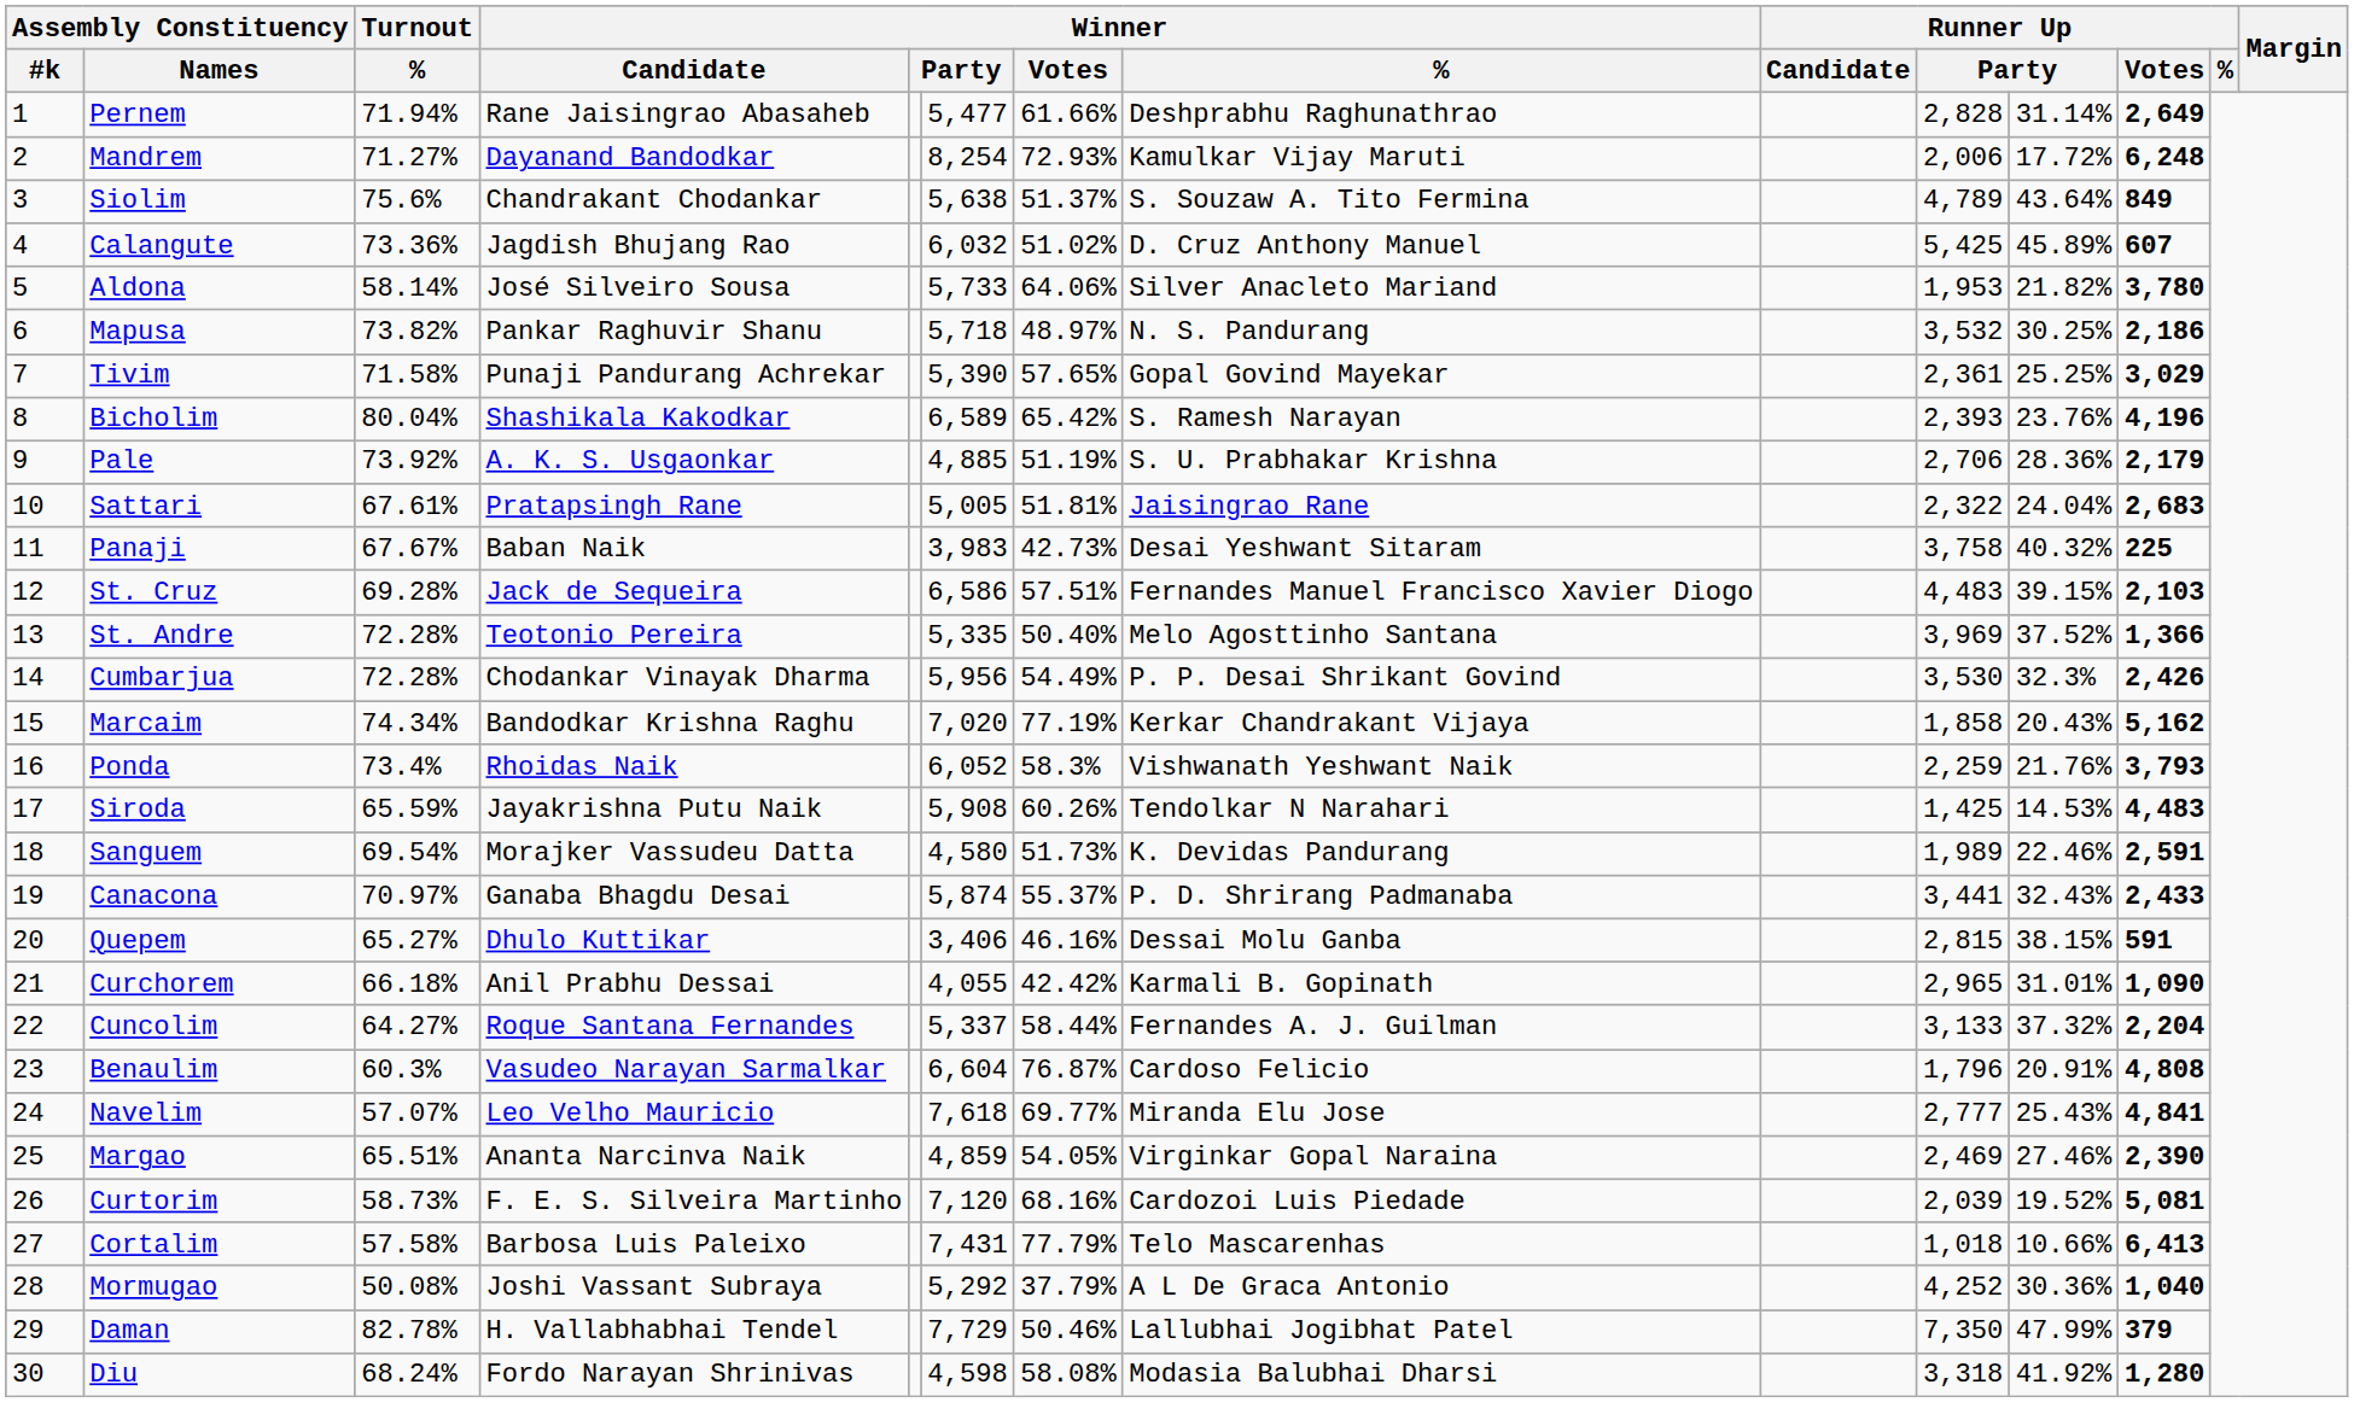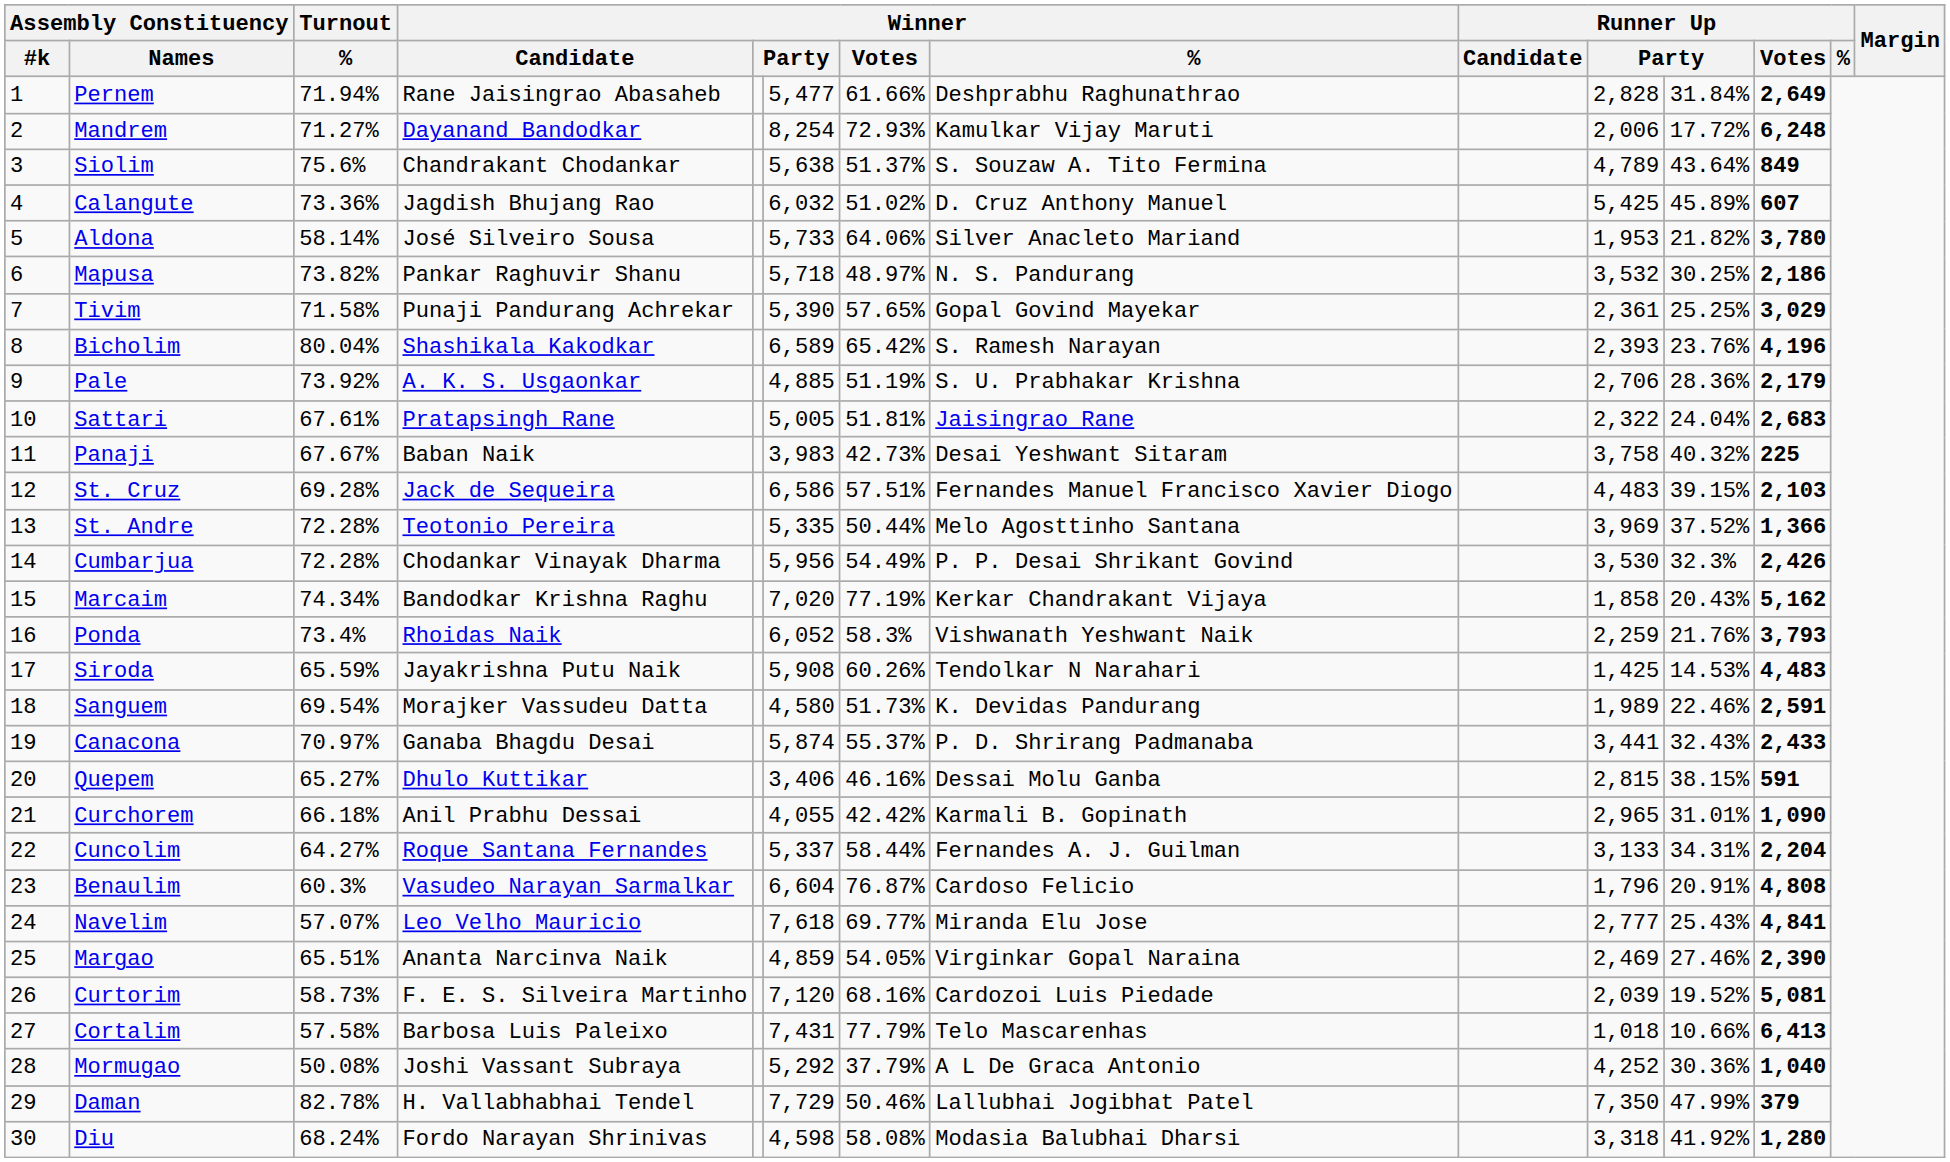 <table class="wikitable sortable">
 <tr>
 <th colspan="2">Assembly Constituency</th>
 <th>Turnout</th>
 <th colspan="5">Winner</th>
 <th colspan="5">Runner Up</th>
 <th rowspan="2" data-sort-type=number>Margin</th>
 </tr>
 <tr>
 <th>#k</th>
 <th>Names</th>
 <th>%</th>
 <th>Candidate</th>
 <th colspan="2">Party</th>
 <th data-sort-type=number>Votes</th>
 <th>%</th>
 <th>Candidate</th>
 <th colspan="2">Party</th>
 <th data-sort-type=number>Votes</th>
 <th>%</th>
 </tr>
 <tr>
 <td>1</td>
 <td><a href='#'>Pernem</a></td>
 <td>71.94%</td>
 <td>Rane Jaisingrao Abasaheb</td>
 <td></td>
 <td>5,477</td>
 <td>61.66%</td>
 <td>Deshprabhu Raghunathrao</td>
 <td></td>
 <td>2,828</td>
-<td>31.14%</td>
+<td>31.84%</td>
 <td style="background:"><span><strong>2,649</strong></span></td>
 </tr>
 <tr>
 <td>2</td>
 <td><a href='#'>Mandrem</a></td>
 <td>71.27%</td>
 <td><a href='#'>Dayanand Bandodkar</a></td>
 <td></td>
 <td>8,254</td>
 <td>72.93%</td>
 <td>Kamulkar Vijay Maruti</td>
 <td></td>
 <td>2,006</td>
 <td>17.72%</td>
 <td style="background:"><span><strong>6,248</strong></span></td>
 </tr>
 <tr>
 <td>3</td>
 <td><a href='#'>Siolim</a></td>
 <td>75.6%</td>
 <td>Chandrakant Chodankar</td>
 <td></td>
 <td>5,638</td>
 <td>51.37%</td>
 <td>S. Souzaw A. Tito Fermina</td>
 <td></td>
 <td>4,789</td>
 <td>43.64%</td>
 <td style="background:"><span><strong>849</strong></span></td>
 </tr>
 <tr>
 <td>4</td>
 <td><a href='#'>Calangute</a></td>
 <td>73.36%</td>
 <td>Jagdish Bhujang Rao</td>
 <td></td>
 <td>6,032</td>
 <td>51.02%</td>
 <td>D. Cruz Anthony Manuel</td>
 <td></td>
 <td>5,425</td>
 <td>45.89%</td>
 <td style="background:"><span><strong>607</strong></span></td>
 </tr>
 <tr>
 <td>5</td>
 <td><a href='#'>Aldona</a></td>
 <td>58.14%</td>
 <td>José Silveiro Sousa</td>
 <td></td>
 <td>5,733</td>
 <td>64.06%</td>
 <td>Silver Anacleto Mariand</td>
 <td></td>
 <td>1,953</td>
 <td>21.82%</td>
 <td style="background:"><span><strong>3,780</strong></span></td>
 </tr>
 <tr>
 <td>6</td>
 <td><a href='#'>Mapusa</a></td>
 <td>73.82%</td>
 <td>Pankar Raghuvir Shanu</td>
 <td></td>
 <td>5,718</td>
 <td>48.97%</td>
 <td>N. S. Pandurang</td>
 <td></td>
 <td>3,532</td>
 <td>30.25%</td>
 <td style="background:"><span><strong>2,186</strong></span></td>
 </tr>
 <tr>
 <td>7</td>
 <td><a href='#'>Tivim</a></td>
 <td>71.58%</td>
 <td>Punaji Pandurang Achrekar</td>
 <td></td>
 <td>5,390</td>
 <td>57.65%</td>
 <td>Gopal Govind Mayekar</td>
 <td></td>
 <td>2,361</td>
 <td>25.25%</td>
 <td style="background:"><span><strong>3,029</strong></span></td>
 </tr>
 <tr>
 <td>8</td>
 <td><a href='#'>Bicholim</a></td>
 <td>80.04%</td>
 <td><a href='#'>Shashikala Kakodkar</a></td>
 <td></td>
 <td>6,589</td>
 <td>65.42%</td>
 <td>S. Ramesh Narayan</td>
 <td></td>
 <td>2,393</td>
 <td>23.76%</td>
 <td style="background:"><span><strong>4,196</strong></span></td>
 </tr>
 <tr>
 <td>9</td>
 <td><a href='#'>Pale</a></td>
 <td>73.92%</td>
 <td><a href='#'>A. K. S. Usgaonkar</a></td>
 <td></td>
 <td>4,885</td>
 <td>51.19%</td>
 <td>S. U. Prabhakar Krishna</td>
 <td></td>
 <td>2,706</td>
 <td>28.36%</td>
 <td style="background:"><span><strong>2,179</strong></span></td>
 </tr>
 <tr>
 <td>10</td>
 <td><a href='#'>Sattari</a></td>
 <td>67.61%</td>
 <td><a href='#'>Pratapsingh Rane</a></td>
 <td></td>
 <td>5,005</td>
 <td>51.81%</td>
 <td><a href='#'>Jaisingrao Rane</a></td>
 <td></td>
 <td>2,322</td>
 <td>24.04%</td>
 <td style="background:"><span><strong>2,683</strong></span></td>
 </tr>
 <tr>
 <td>11</td>
 <td><a href='#'>Panaji</a></td>
 <td>67.67%</td>
 <td>Baban Naik</td>
 <td></td>
 <td>3,983</td>
 <td>42.73%</td>
 <td>Desai Yeshwant Sitaram</td>
 <td></td>
 <td>3,758</td>
 <td>40.32%</td>
 <td style="background:"><span><strong>225</strong></span></td>
 </tr>
 <tr>
 <td>12</td>
 <td><a href='#'>St. Cruz</a></td>
 <td>69.28%</td>
 <td><a href='#'>Jack de Sequeira</a></td>
 <td></td>
 <td>6,586</td>
 <td>57.51%</td>
 <td>Fernandes Manuel Francisco Xavier Diogo</td>
 <td></td>
 <td>4,483</td>
 <td>39.15%</td>
 <td style="background:"><span><strong>2,103</strong></span></td>
 </tr>
 <tr>
 <td>13</td>
 <td><a href='#'>St. Andre</a></td>
 <td>72.28%</td>
 <td><a href='#'>Teotonio Pereira</a></td>
 <td></td>
 <td>5,335</td>
-<td>50.40%</td>
+<td>50.44%</td>
 <td>Melo Agosttinho Santana</td>
 <td></td>
 <td>3,969</td>
 <td>37.52%</td>
 <td style="background:"><span><strong>1,366</strong></span></td>
 </tr>
 <tr>
 <td>14</td>
 <td><a href='#'>Cumbarjua</a></td>
 <td>72.28%</td>
 <td>Chodankar Vinayak Dharma</td>
 <td></td>
 <td>5,956</td>
 <td>54.49%</td>
 <td>P. P. Desai Shrikant Govind</td>
 <td></td>
 <td>3,530</td>
 <td>32.3%</td>
 <td style="background:"><span><strong>2,426</strong></span></td>
 </tr>
 <tr>
 <td>15</td>
 <td><a href='#'>Marcaim</a></td>
 <td>74.34%</td>
 <td>Bandodkar Krishna Raghu</td>
 <td></td>
 <td>7,020</td>
 <td>77.19%</td>
 <td>Kerkar Chandrakant Vijaya</td>
 <td></td>
 <td>1,858</td>
 <td>20.43%</td>
 <td style="background:"><span><strong>5,162</strong></span></td>
 </tr>
 <tr>
 <td>16</td>
 <td><a href='#'>Ponda</a></td>
 <td>73.4%</td>
 <td><a href='#'>Rhoidas Naik</a></td>
 <td></td>
 <td>6,052</td>
 <td>58.3%</td>
 <td>Vishwanath Yeshwant Naik</td>
 <td></td>
 <td>2,259</td>
 <td>21.76%</td>
 <td style="background:"><span><strong>3,793</strong></span></td>
 </tr>
 <tr>
 <td>17</td>
 <td><a href='#'>Siroda</a></td>
 <td>65.59%</td>
 <td>Jayakrishna Putu Naik</td>
 <td></td>
 <td>5,908</td>
 <td>60.26%</td>
 <td>Tendolkar N Narahari</td>
 <td></td>
 <td>1,425</td>
 <td>14.53%</td>
 <td style="background:"><span><strong>4,483</strong></span></td>
 </tr>
 <tr>
 <td>18</td>
 <td><a href='#'>Sanguem</a></td>
 <td>69.54%</td>
 <td>Morajker Vassudeu Datta</td>
 <td></td>
 <td>4,580</td>
 <td>51.73%</td>
 <td>K. Devidas Pandurang</td>
 <td></td>
 <td>1,989</td>
 <td>22.46%</td>
 <td style="background:"><span><strong>2,591</strong></span></td>
 </tr>
 <tr>
 <td>19</td>
 <td><a href='#'>Canacona</a></td>
 <td>70.97%</td>
 <td>Ganaba Bhagdu Desai</td>
 <td></td>
 <td>5,874</td>
 <td>55.37%</td>
 <td>P. D. Shrirang Padmanaba</td>
 <td></td>
 <td>3,441</td>
 <td>32.43%</td>
 <td style="background:"><span><strong>2,433</strong></span></td>
 </tr>
 <tr>
 <td>20</td>
 <td><a href='#'>Quepem</a></td>
 <td>65.27%</td>
 <td><a href='#'>Dhulo Kuttikar</a></td>
 <td></td>
 <td>3,406</td>
 <td>46.16%</td>
 <td>Dessai Molu Ganba</td>
 <td></td>
 <td>2,815</td>
 <td>38.15%</td>
 <td style="background:"><span><strong>591</strong></span></td>
 </tr>
 <tr>
 <td>21</td>
 <td><a href='#'>Curchorem</a></td>
 <td>66.18%</td>
 <td>Anil Prabhu Dessai</td>
 <td></td>
 <td>4,055</td>
 <td>42.42%</td>
 <td>Karmali B. Gopinath</td>
 <td></td>
 <td>2,965</td>
 <td>31.01%</td>
 <td style="background:"><span><strong>1,090</strong></span></td>
 </tr>
 <tr>
 <td>22</td>
 <td><a href='#'>Cuncolim</a></td>
 <td>64.27%</td>
 <td><a href='#'>Roque Santana Fernandes</a></td>
 <td></td>
 <td>5,337</td>
 <td>58.44%</td>
 <td>Fernandes A. J. Guilman</td>
 <td></td>
 <td>3,133</td>
-<td>37.32%</td>
+<td>34.31%</td>
 <td style="background:"><span><strong>2,204</strong></span></td>
 </tr>
 <tr>
 <td>23</td>
 <td><a href='#'>Benaulim</a></td>
 <td>60.3%</td>
 <td><a href='#'>Vasudeo Narayan Sarmalkar</a></td>
 <td></td>
 <td>6,604</td>
 <td>76.87%</td>
 <td>Cardoso Felicio</td>
 <td></td>
 <td>1,796</td>
 <td>20.91%</td>
 <td style="background:"><span><strong>4,808</strong></span></td>
 </tr>
 <tr>
 <td>24</td>
 <td><a href='#'>Navelim</a></td>
 <td>57.07%</td>
 <td><a href='#'>Leo Velho Mauricio</a></td>
 <td></td>
 <td>7,618</td>
 <td>69.77%</td>
 <td>Miranda Elu Jose</td>
 <td></td>
 <td>2,777</td>
 <td>25.43%</td>
 <td style="background:"><span><strong>4,841</strong></span></td>
 </tr>
 <tr>
 <td>25</td>
 <td><a href='#'>Margao</a></td>
 <td>65.51%</td>
 <td>Ananta Narcinva Naik</td>
 <td></td>
 <td>4,859</td>
 <td>54.05%</td>
 <td>Virginkar Gopal Naraina</td>
 <td></td>
 <td>2,469</td>
 <td>27.46%</td>
 <td style="background:"><span><strong>2,390</strong></span></td>
 </tr>
 <tr>
 <td>26</td>
 <td><a href='#'>Curtorim</a></td>
 <td>58.73%</td>
 <td>F. E. S. Silveira Martinho</td>
 <td></td>
 <td>7,120</td>
 <td>68.16%</td>
 <td>Cardozoi Luis Piedade</td>
 <td></td>
 <td>2,039</td>
 <td>19.52%</td>
 <td style="background:"><span><strong>5,081</strong></span></td>
 </tr>
 <tr>
 <td>27</td>
 <td><a href='#'>Cortalim</a></td>
 <td>57.58%</td>
 <td>Barbosa Luis Paleixo</td>
 <td></td>
 <td>7,431</td>
 <td>77.79%</td>
 <td>Telo Mascarenhas</td>
 <td></td>
 <td>1,018</td>
 <td>10.66%</td>
 <td style="background:"><span><strong>6,413</strong></span></td>
 </tr>
 <tr>
 <td>28</td>
 <td><a href='#'>Mormugao</a></td>
 <td>50.08%</td>
 <td>Joshi Vassant Subraya</td>
 <td></td>
 <td>5,292</td>
 <td>37.79%</td>
 <td>A L De Graca Antonio</td>
 <td></td>
 <td>4,252</td>
 <td>30.36%</td>
 <td style="background:"><span><strong>1,040</strong></span></td>
 </tr>
 <tr>
 <td>29</td>
 <td><a href='#'>Daman</a></td>
 <td>82.78%</td>
 <td>H. Vallabhabhai Tendel</td>
 <td></td>
 <td>7,729</td>
 <td>50.46%</td>
 <td>Lallubhai Jogibhat Patel</td>
 <td></td>
 <td>7,350</td>
 <td>47.99%</td>
 <td style="background:"><span><strong>379</strong></span></td>
 </tr>
 <tr>
 <td>30</td>
 <td><a href='#'>Diu</a></td>
 <td>68.24%</td>
 <td>Fordo Narayan Shrinivas</td>
 <td></td>
 <td>4,598</td>
 <td>58.08%</td>
 <td>Modasia Balubhai Dharsi</td>
 <td></td>
 <td>3,318</td>
 <td>41.92%</td>
 <td style="background:"><span><strong>1,280</strong></span></td>
 </tr>
 </table>
